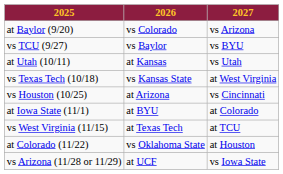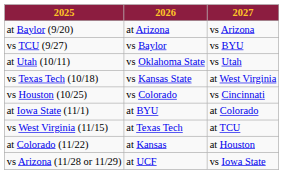 <table class="wikitable sortable">
 <tr>
 <th style="background:#8C1D40; color:#FFC627;">2025</th>
 <th style="background:#8C1D40; color:#FFC627;">2026</th>
 <th style="background:#8C1D40; color:#FFC627;">2027</th>
 </tr>
 <tr>
 <td>at <a href='#'>Baylor</a> (9/20)</td>
-<td>vs <a href='#'>Colorado</a></td>
+<td>at <a href='#'>Arizona</a></td>
 <td>vs <a href='#'>Arizona</a></td>
 </tr>
 <tr>
 <td>vs <a href='#'>TCU</a> (9/27)</td>
 <td>vs <a href='#'>Baylor</a></td>
 <td>vs <a href='#'>BYU</a></td>
 </tr>
 <tr>
 <td>at <a href='#'>Utah</a> (10/11)</td>
-<td>at <a href='#'>Kansas</a></td>
+<td>vs <a href='#'>Oklahoma State</a></td>
 <td>vs <a href='#'>Utah</a></td>
 </tr>
 <tr>
 <td>vs <a href='#'>Texas Tech</a> (10/18)</td>
 <td>vs <a href='#'>Kansas State</a></td>
 <td>at <a href='#'>West Virginia</a></td>
 </tr>
 <tr>
 <td>vs <a href='#'>Houston</a> (10/25)</td>
-<td>at <a href='#'>Arizona</a></td>
+<td>vs <a href='#'>Colorado</a></td>
 <td>vs <a href='#'>Cincinnati</a></td>
 </tr>
 <tr>
 <td>at <a href='#'>Iowa State</a> (11/1)</td>
 <td>at <a href='#'>BYU</a></td>
 <td>at <a href='#'>Colorado</a></td>
 </tr>
 <tr>
 <td>vs <a href='#'>West Virginia</a> (11/15)</td>
 <td>at <a href='#'>Texas Tech</a></td>
 <td>at <a href='#'>TCU</a></td>
 </tr>
 <tr>
 <td>at <a href='#'>Colorado</a> (11/22)</td>
-<td>vs <a href='#'>Oklahoma State</a></td>
+<td>at <a href='#'>Kansas</a></td>
 <td>at <a href='#'>Houston</a></td>
 </tr>
 <tr>
 <td>vs <a href='#'>Arizona</a> (11/28 or 11/29)</td>
 <td>at <a href='#'>UCF</a></td>
 <td>vs <a href='#'>Iowa State</a></td>
 </tr>
 </table>
